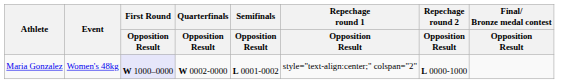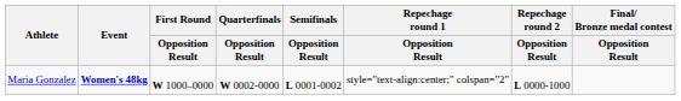 <table class=wikitable style="font-size:90%">
 <tr>
 <th rowspan="2">Athlete</th>
 <th rowspan="2">Event</th>
 <th>First Round</th>
 <th>Quarterfinals</th>
 <th>Semifinals</th>
 <th>Repechage <br>round 1</th>
 <th>Repechage <br>round 2</th>
 <th>Final/<br>Bronze medal contest</th>
 </tr>
 <tr>
 <th>Opposition<br>Result</th>
 <th>Opposition<br>Result</th>
 <th>Opposition<br>Result</th>
 <th>Opposition<br>Result</th>
 <th>Opposition<br>Result</th>
 <th>Opposition<br>Result</th>
 </tr>
 <tr>
 <td><a href='#'>Maria Gonzalez</a></td>
-<td style="text-align:center;"><a href='#'>Women's 48kg</a></td>
-<td style="background: lavender; text-align:center;"><br> <strong>W</strong> 1000–0000</td>
+<td style="text-align:center;"><strong><a href='#'>Women's 48kg</a></strong></td>
+<td style="text-align:center;"><br> <strong>W</strong> 1000–0000</td>
 <td style="text-align:center;"><br> <strong>W</strong> 0002-0000</td>
 <td style="text-align:center;"><br> <strong>L</strong> 0001-0002</td>
 <td>style="text-align:center;" colspan="2" </td>
 <td style="text-align:center;"><br> <strong>L</strong> 0000-1000</td>
 </tr>
 </table>
